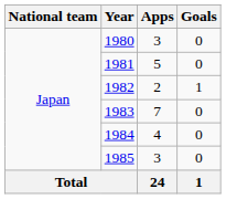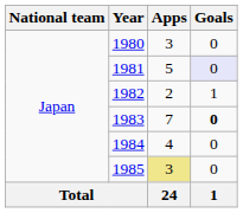 <table class="wikitable" style="text-align:center">
 <tr>
 <th>National team</th>
 <th>Year</th>
 <th>Apps</th>
 <th>Goals</th>
 </tr>
 <tr>
 <td rowspan="6"><a href='#'>Japan</a></td>
 <td><a href='#'>1980</a></td>
 <td>3</td>
 <td>0</td>
 </tr>
 <tr>
 <td><a href='#'>1981</a></td>
 <td>5</td>
-<td>0</td>
+<td style="background: lavender;">0</td>
 </tr>
 <tr>
 <td><a href='#'>1982</a></td>
 <td>2</td>
 <td>1</td>
 </tr>
 <tr>
 <td><a href='#'>1983</a></td>
 <td>7</td>
-<td>0</td>
+<td><strong>0</strong></td>
 </tr>
 <tr>
 <td><a href='#'>1984</a></td>
 <td>4</td>
 <td>0</td>
 </tr>
 <tr>
 <td><a href='#'>1985</a></td>
-<td>3</td>
+<td style="background: khaki;">3</td>
 <td>0</td>
 </tr>
 <tr>
 <th colspan="2">Total</th>
 <th>24</th>
 <th>1</th>
 </tr>
 </table>
